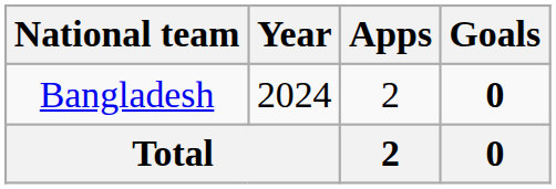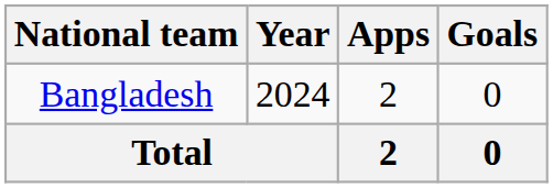 <table class="wikitable" style="text-align: center;">
 <tr>
 <th>National team</th>
 <th>Year</th>
 <th>Apps</th>
 <th>Goals</th>
 </tr>
 <tr>
 <td><a href='#'>Bangladesh</a></td>
 <td>2024</td>
 <td>2</td>
-<td><strong>0</strong></td>
+<td>0</td>
 </tr>
 <tr>
 <th colspan="2">Total</th>
 <th>2</th>
 <th>0</th>
 </tr>
 </table>
